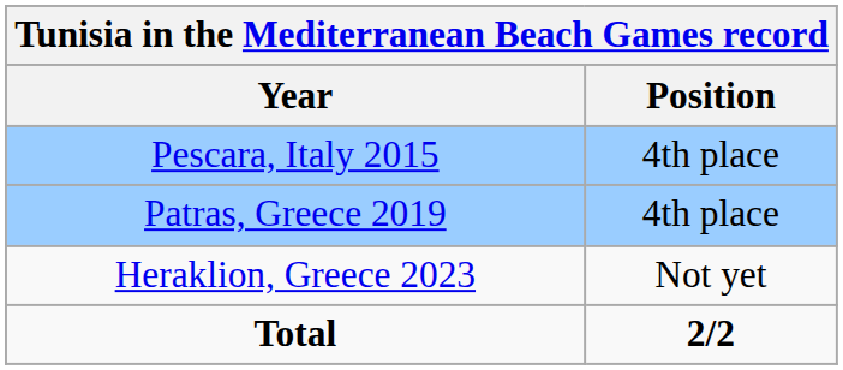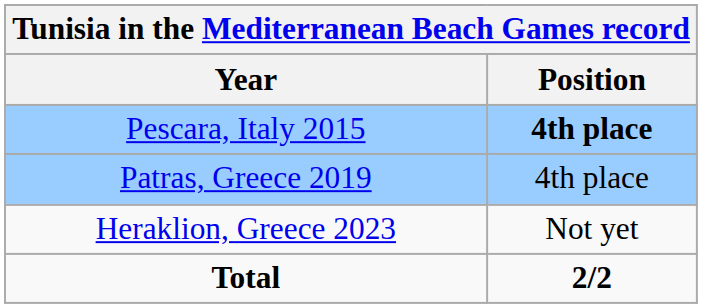 <table class="wikitable" style="text-align: center;">
 <tr>
 <th colspan=2>Tunisia in the <a href='#'>Mediterranean Beach Games record</a></th>
 </tr>
 <tr>
 <th>Year</th>
 <th width="100">Position</th>
 </tr>
 <tr bgcolor=9acdff>
 <td> <a href='#'>Pescara, Italy 2015</a></td>
-<td>4th place</td>
+<td><strong>4th place</strong></td>
 </tr>
 <tr bgcolor=9acdff>
 <td> <a href='#'>Patras, Greece 2019</a></td>
 <td>4th place</td>
 </tr>
 <tr>
 <td> <a href='#'>Heraklion, Greece 2023</a></td>
 <td>Not yet</td>
 </tr>
 <tr>
 <td><strong>Total</strong></td>
 <td><strong>2/2</strong></td>
 </tr>
 </table>
